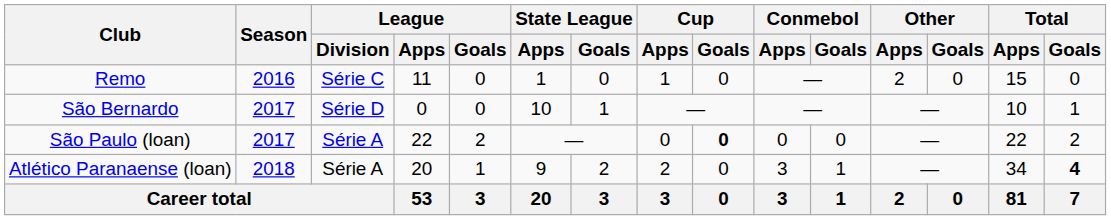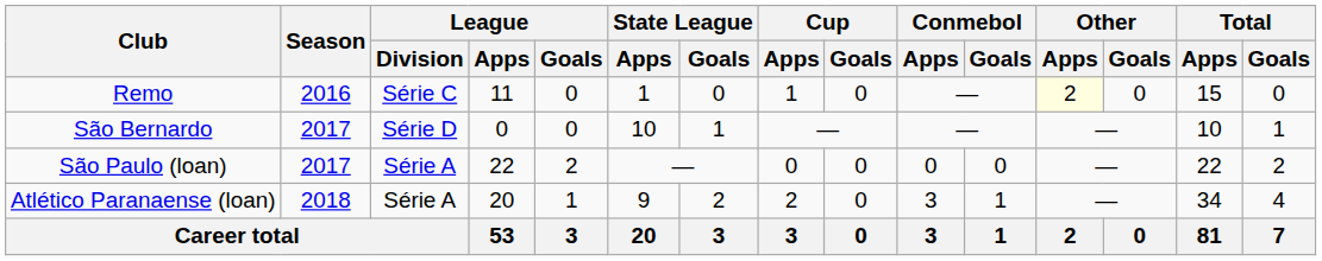 <table class="wikitable" style="text-align: center;">
 <tr>
 <th rowspan="2">Club</th>
 <th rowspan="2">Season</th>
 <th colspan="3">League</th>
 <th colspan="2">State League</th>
 <th colspan="2">Cup</th>
 <th colspan="2">Conmebol</th>
 <th colspan="2">Other</th>
 <th colspan="2">Total</th>
 </tr>
 <tr>
 <th>Division</th>
 <th>Apps</th>
 <th>Goals</th>
 <th>Apps</th>
 <th>Goals</th>
 <th>Apps</th>
 <th>Goals</th>
 <th>Apps</th>
 <th>Goals</th>
 <th>Apps</th>
 <th>Goals</th>
 <th>Apps</th>
 <th>Goals</th>
 </tr>
 <tr>
 <td valign="center"><a href='#'>Remo</a></td>
 <td><a href='#'>2016</a></td>
 <td><a href='#'>Série C</a></td>
 <td>11</td>
 <td>0</td>
 <td>1</td>
 <td>0</td>
 <td>1</td>
 <td>0</td>
 <td colspan="2">—</td>
-<td>2</td>
+<td style="background: lightyellow;">2</td>
 <td>0</td>
 <td>15</td>
 <td>0</td>
 </tr>
 <tr>
 <td valign="center"><a href='#'>São Bernardo</a></td>
 <td><a href='#'>2017</a></td>
 <td><a href='#'>Série D</a></td>
 <td>0</td>
 <td>0</td>
 <td>10</td>
 <td>1</td>
 <td colspan="2">—</td>
 <td colspan="2">—</td>
 <td colspan="2">—</td>
 <td>10</td>
 <td>1</td>
 </tr>
 <tr>
 <td valign="center"><a href='#'>São Paulo</a> (loan)</td>
 <td><a href='#'>2017</a></td>
 <td><a href='#'>Série A</a></td>
 <td>22</td>
 <td>2</td>
 <td colspan="2">—</td>
 <td>0</td>
-<td><strong>0</strong></td>
+<td>0</td>
 <td>0</td>
 <td>0</td>
 <td colspan="2">—</td>
 <td>22</td>
 <td>2</td>
 </tr>
 <tr>
 <td valign="center"><a href='#'>Atlético Paranaense</a> (loan)</td>
 <td><a href='#'>2018</a></td>
 <td>Série A</td>
 <td>20</td>
 <td>1</td>
 <td>9</td>
 <td>2</td>
 <td>2</td>
 <td>0</td>
 <td>3</td>
 <td>1</td>
 <td colspan="2">—</td>
 <td>34</td>
-<td><strong>4</strong></td>
+<td>4</td>
 </tr>
 <tr>
 <th colspan="3"><strong>Career total</strong></th>
 <th>53</th>
 <th>3</th>
 <th>20</th>
 <th>3</th>
 <th>3</th>
 <th>0</th>
 <th>3</th>
 <th>1</th>
 <th>2</th>
 <th>0</th>
 <th>81</th>
 <th>7</th>
 </tr>
 </table>
